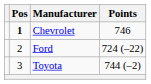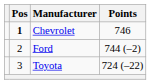 <table class="wikitable" style="font-size: 95%;">
 <tr>
 <th></th>
 <th>Pos</th>
 <th>Manufacturer</th>
 <th>Points</th>
 </tr>
 <tr>
 <td align="left"></td>
 <td style="text-align:center;"><strong>1</strong></td>
 <td><a href='#'>Chevrolet</a></td>
 <td style="text-align:center;">746</td>
 </tr>
 <tr>
 <td align="left"></td>
 <td style="text-align:center;">2</td>
 <td><a href='#'>Ford</a></td>
-<td style="text-align:center;">724 (–22)</td>
+<td style="text-align:center;">744 (–2)</td>
 </tr>
 <tr>
 <td align="left"></td>
 <td style="text-align:center;">3</td>
 <td><a href='#'>Toyota</a></td>
-<td style="text-align:center;">744 (–2)</td>
+<td style="text-align:center;">724 (–22)</td>
 </tr>
 <tr class="sortbottom">
 <th colspan="9"></th>
 </tr>
 </table>
